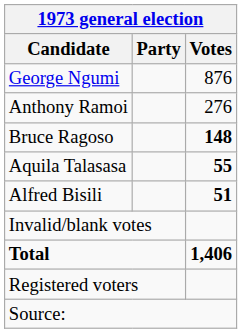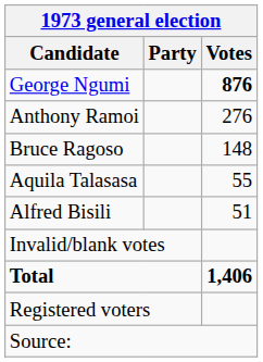 <table class=wikitable style=text-align:left>
 <tr>
 <th colspan=3><a href='#'>1973 general election</a></th>
 </tr>
 <tr>
 <th>Candidate</th>
 <th>Party</th>
 <th>Votes</th>
 </tr>
 <tr>
 <td><a href='#'>George Ngumi</a></td>
 <td></td>
-<td align=right>876</td>
+<td align=right><strong>876</strong></td>
 </tr>
 <tr>
 <td>Anthony Ramoi</td>
 <td></td>
 <td align=right>276</td>
 </tr>
 <tr>
 <td>Bruce Ragoso</td>
 <td></td>
-<td align=right><strong>148</strong></td>
+<td align=right>148</td>
 </tr>
 <tr>
 <td>Aquila Talasasa</td>
 <td></td>
-<td align=right><strong>55</strong></td>
+<td align=right>55</td>
 </tr>
 <tr>
 <td>Alfred Bisili</td>
 <td></td>
-<td align=right><strong>51</strong></td>
+<td align=right>51</td>
 </tr>
 <tr>
 <td colspan=2>Invalid/blank votes</td>
 <td></td>
 </tr>
 <tr>
 <td colspan=2><strong>Total</strong></td>
 <td align=right><strong>1,406</strong></td>
 </tr>
 <tr>
 <td colspan=2>Registered voters</td>
 <td align=right></td>
 </tr>
 <tr>
 <td colspan=3>Source: </td>
 </tr>
 </table>
